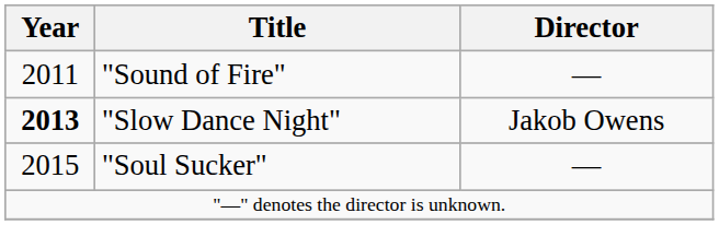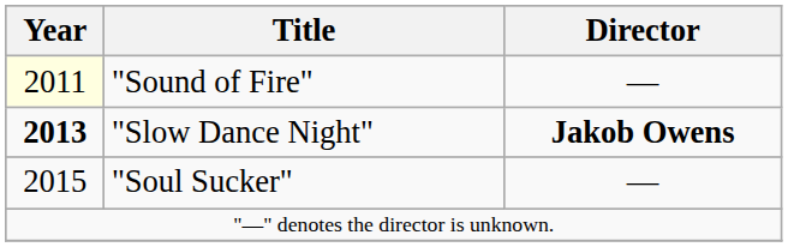 <table class="wikitable" style="text-align:center;">
 <tr>
 <th rowspan="1" width="42">Year</th>
 <th rowspan="1" width="193">Title</th>
 <th rowspan="1" width="132">Director</th>
 </tr>
 <tr>
-<td>2011</td>
+<td style="background: lightyellow;">2011</td>
 <td align="left">"Sound of Fire"</td>
 <td>—</td>
 </tr>
 <tr>
 <td><strong>2013</strong></td>
 <td align="left">"Slow Dance Night"</td>
-<td>Jakob Owens</td>
+<td><strong>Jakob Owens</strong></td>
 </tr>
 <tr>
 <td>2015</td>
 <td align="left">"Soul Sucker"</td>
 <td>—</td>
 </tr>
 <tr>
 <td colspan="3" style= "text-align:center; font-size:8pt;">"—" denotes the director is unknown.</td>
 </tr>
 <tr>
 </tr>
 </table>
